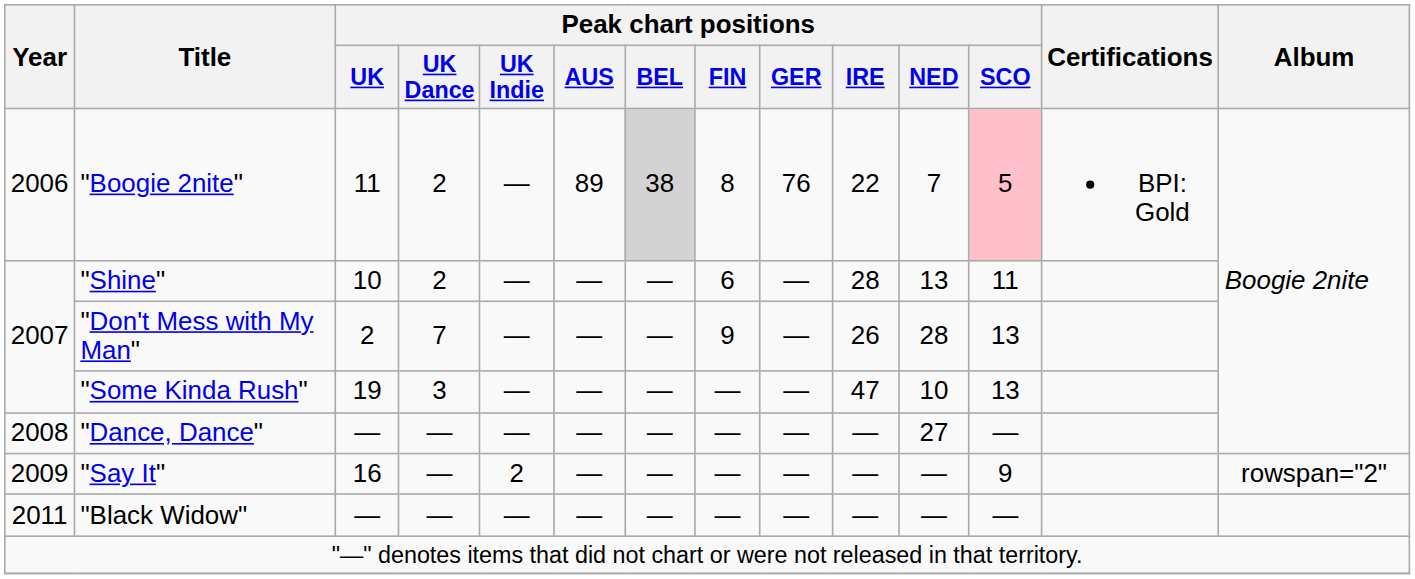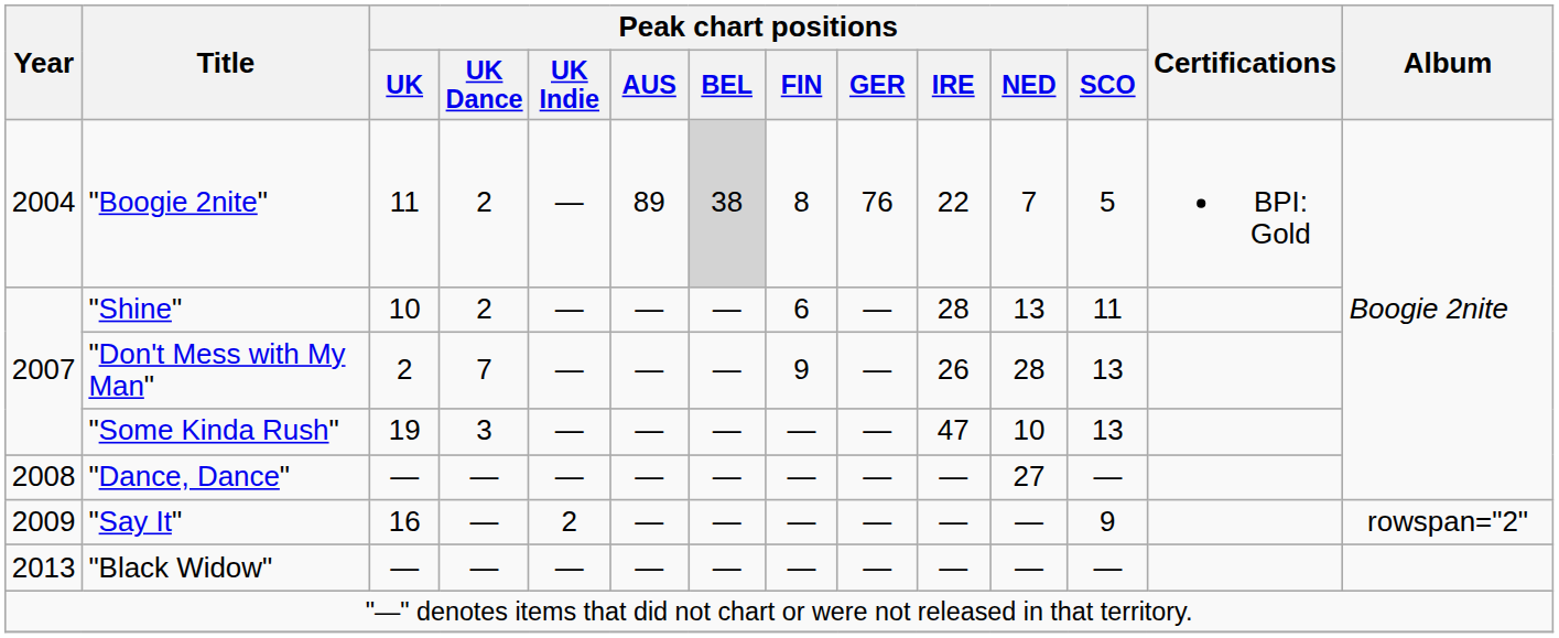 <table class="wikitable" style="text-align:center;">
 <tr>
 <th rowspan="2" style="width:2em;">Year</th>
 <th rowspan="2" style="width:15em;">Title</th>
 <th colspan="10">Peak chart positions</th>
 <th rowspan="2">Certifications</th>
 <th rowspan="2" style="width:8em;">Album</th>
 </tr>
 <tr>
 <th style="width:3em;font-size:90%;"><a href='#'>UK</a><br></th>
 <th style="width:3em;font-size:90%;"><a href='#'>UK<br>Dance</a><br></th>
 <th style="width:3em;font-size:90%;"><a href='#'>UK<br>Indie</a><br></th>
 <th style="width:3em;font-size:90%;"><a href='#'>AUS</a><br></th>
 <th style="width:3em;font-size:90%;"><a href='#'>BEL</a><br></th>
 <th style="width:3em;font-size:90%;"><a href='#'>FIN</a><br></th>
 <th style="width:3em;font-size:90%;"><a href='#'>GER</a><br></th>
 <th style="width:3em;font-size:90%;"><a href='#'>IRE</a><br></th>
 <th style="width:3em;font-size:90%;"><a href='#'>NED</a><br></th>
 <th style="width:3em;font-size:90%;"><a href='#'>SCO</a><br></th>
 </tr>
 <tr>
-<td>2006</td>
+<td>2004</td>
 <td style="text-align:left;">"<a href='#'>Boogie 2nite</a>"</td>
 <td>11</td>
 <td>2</td>
 <td>—</td>
 <td>89</td>
 <td style="background: lightgrey;">38</td>
 <td>8</td>
 <td>76</td>
 <td>22</td>
 <td>7</td>
-<td style="background: pink;">5</td>
+<td>5</td>
 <td><br><ul><li>BPI: Gold</li></ul></td>
 <td align="left" rowspan="5"><em>Boogie 2nite</em></td>
 </tr>
 <tr>
 <td rowspan="3">2007</td>
 <td style="text-align:left;">"<a href='#'>Shine</a>"</td>
 <td>10</td>
 <td>2</td>
 <td>—</td>
 <td>—</td>
 <td>—</td>
 <td>6</td>
 <td>—</td>
 <td>28</td>
 <td>13</td>
 <td>11</td>
 <td></td>
 </tr>
 <tr>
 <td style="text-align:left;">"<a href='#'>Don't Mess with My Man</a>"</td>
 <td>2</td>
 <td>7</td>
 <td>—</td>
 <td>—</td>
 <td>—</td>
 <td>9</td>
 <td>—</td>
 <td>26</td>
 <td>28</td>
 <td>13</td>
 <td></td>
 </tr>
 <tr>
 <td style="text-align:left;">"<a href='#'>Some Kinda Rush</a>"</td>
 <td>19</td>
 <td>3</td>
 <td>—</td>
 <td>—</td>
 <td>—</td>
 <td>—</td>
 <td>—</td>
 <td>47</td>
 <td>10</td>
 <td>13</td>
 <td></td>
 </tr>
 <tr>
 <td>2008</td>
 <td style="text-align:left;">"<a href='#'>Dance, Dance</a>"</td>
 <td>—</td>
 <td>—</td>
 <td>—</td>
 <td>—</td>
 <td>—</td>
 <td>—</td>
 <td>—</td>
 <td>—</td>
 <td>27</td>
 <td>—</td>
 <td></td>
 </tr>
 <tr>
 <td>2009</td>
 <td style="text-align:left;">"<a href='#'>Say It</a>"</td>
 <td>16</td>
 <td>—</td>
 <td>2</td>
 <td>—</td>
 <td>—</td>
 <td>—</td>
 <td>—</td>
 <td>—</td>
 <td>—</td>
 <td>9</td>
 <td></td>
 <td>rowspan="2" </td>
 </tr>
 <tr>
-<td>2011</td>
+<td>2013</td>
 <td style="text-align:left;">"Black Widow"</td>
 <td>—</td>
 <td>—</td>
 <td>—</td>
 <td>—</td>
 <td>—</td>
 <td>—</td>
 <td>—</td>
 <td>—</td>
 <td>—</td>
 <td>—</td>
 <td></td>
 </tr>
 <tr>
 <td align="center" colspan="15" style="font-size:90%">"—" denotes items that did not chart or were not released in that territory.</td>
 </tr>
 <tr>
 </tr>
 </table>
